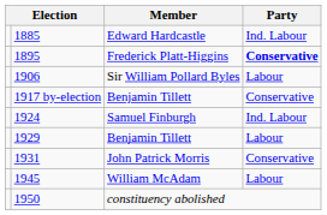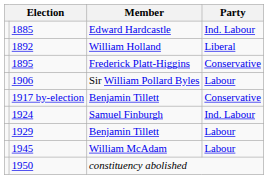 <table class="wikitable">
 <tr>
 <th colspan="2">Election</th>
 <th>Member</th>
 <th>Party</th>
 </tr>
 <tr>
 <td style="color:inherit;background-color: "></td>
 <td><a href='#'>1885</a></td>
 <td><a href='#'>Edward Hardcastle</a></td>
 <td><a href='#'>Ind. Labour</a></td>
 </tr>
 <tr>
 <td style="color:inherit;background-color: "></td>
+<td><a href='#'>1892</a></td>
+<td><a href='#'>William Holland</a></td>
+<td><a href='#'>Liberal</a></td>
+</tr>
+<tr>
+<td style="color:inherit;background-color: "></td>
 <td><a href='#'>1895</a></td>
 <td><a href='#'>Frederick Platt-Higgins</a></td>
-<td><strong><a href='#'>Conservative</a></strong></td>
+<td><a href='#'>Conservative</a></td>
 </tr>
 <tr>
 <td style="color:inherit;background-color: "></td>
 <td><a href='#'>1906</a></td>
 <td>Sir <a href='#'>William Pollard Byles</a></td>
 <td><a href='#'>Labour</a></td>
 </tr>
 <tr>
 <td style="color:inherit;background-color: "></td>
 <td><a href='#'>1917 by-election</a></td>
 <td><a href='#'>Benjamin Tillett</a></td>
 <td><a href='#'>Conservative</a></td>
 </tr>
 <tr>
 <td style="color:inherit;background-color: "></td>
 <td><a href='#'>1924</a></td>
 <td><a href='#'>Samuel Finburgh</a></td>
 <td><a href='#'>Ind. Labour</a></td>
 </tr>
 <tr>
 <td style="color:inherit;background-color: "></td>
 <td><a href='#'>1929</a></td>
 <td><a href='#'>Benjamin Tillett</a></td>
 <td><a href='#'>Labour</a></td>
 </tr>
 <tr>
 <td style="color:inherit;background-color: "></td>
-<td><a href='#'>1931</a></td>
-<td><a href='#'>John Patrick Morris</a></td>
-<td><a href='#'>Conservative</a></td>
-</tr>
-<tr>
-<td style="color:inherit;background-color: "></td>
 <td><a href='#'>1945</a></td>
 <td><a href='#'>William McAdam</a></td>
 <td><a href='#'>Labour</a></td>
 </tr>
 <tr>
 <td></td>
 <td><a href='#'>1950</a></td>
 <td colspan="2"><em>constituency abolished</em></td>
 </tr>
 </table>
